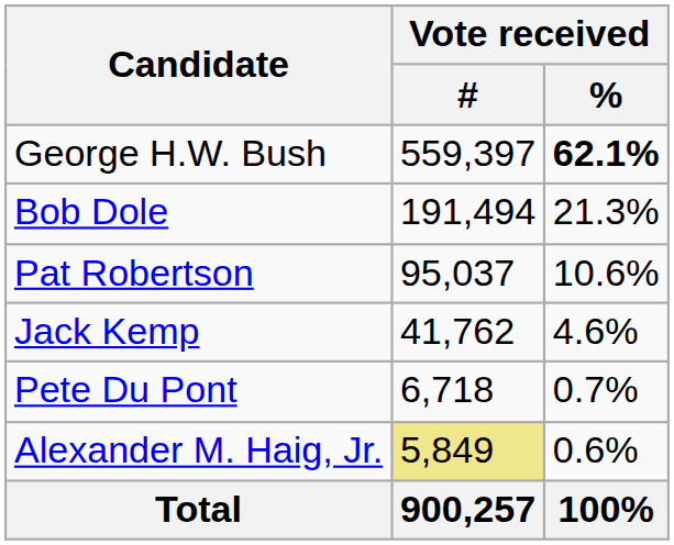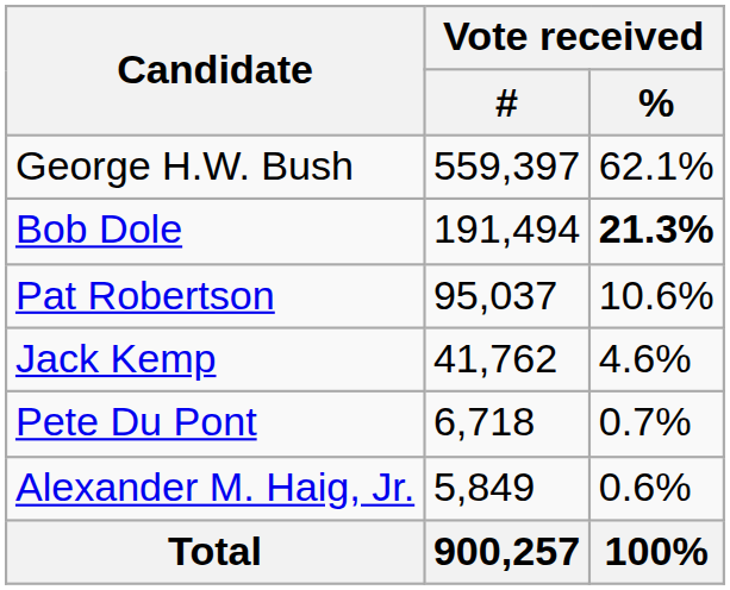 <table class="wikitable sortable">
 <tr>
 <th rowspan="2">Candidate</th>
 <th colspan="2">Vote received</th>
 </tr>
 <tr>
 <th>#</th>
 <th>%</th>
 </tr>
 <tr>
 <td>George H.W. Bush</td>
 <td>559,397</td>
-<td><strong>62.1%</strong></td>
+<td>62.1%</td>
 </tr>
 <tr>
 <td><a href='#'>Bob Dole</a></td>
 <td>191,494</td>
-<td>21.3%</td>
+<td><strong>21.3%</strong></td>
 </tr>
 <tr>
 <td><a href='#'>Pat Robertson</a></td>
 <td>95,037</td>
 <td>10.6%</td>
 </tr>
 <tr>
 <td><a href='#'>Jack Kemp</a></td>
 <td>41,762</td>
 <td>4.6%</td>
 </tr>
 <tr>
 <td><a href='#'>Pete Du Pont</a></td>
 <td>6,718</td>
 <td>0.7%</td>
 </tr>
 <tr>
 <td><a href='#'>Alexander M. Haig, Jr.</a></td>
-<td style="background: khaki;">5,849</td>
+<td>5,849</td>
 <td>0.6%</td>
 </tr>
 <tr>
 <th>Total</th>
 <th>900,257</th>
 <th>100%</th>
 </tr>
 </table>
